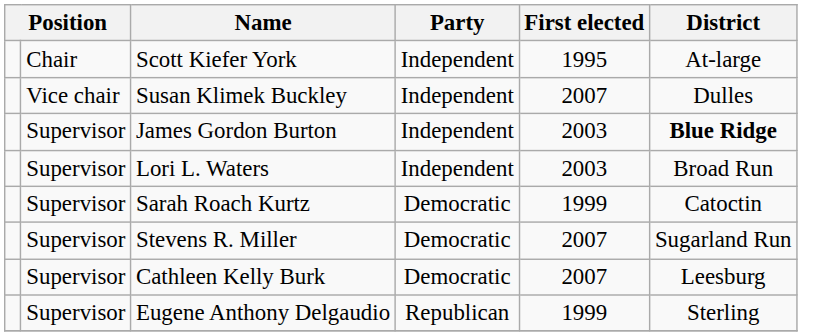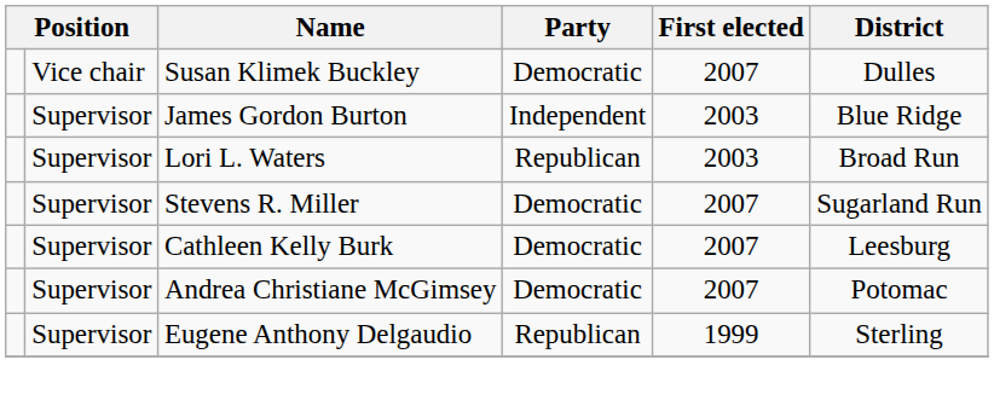 <table class="wikitable">
 <tr>
 <th colspan="2" align="center" valign="bottom">Position</th>
 <th style="text-align:center;">Name</th>
 <th valign="bottom">Party</th>
 <th valign="bottom" align="center">First elected</th>
 <th valign="bottom" align="center">District</th>
 </tr>
 <tr>
 <td style="background-color:"> </td>
-<td>Chair</td>
-<td>Scott Kiefer York</td>
-<td style="text-align:center;">Independent</td>
-<td style="text-align:center;">1995</td>
-<td style="text-align:center;">At-large</td>
-</tr>
-<tr>
-<td style="background-color:"> </td>
 <td>Vice chair</td>
 <td>Susan Klimek Buckley</td>
-<td style="text-align:center;">Independent</td>
+<td style="text-align:center;">Democratic</td>
 <td style="text-align:center;">2007</td>
 <td style="text-align:center;">Dulles</td>
 </tr>
 <tr>
 <td style="background-color:"> </td>
 <td>Supervisor</td>
 <td>James Gordon Burton</td>
 <td style="text-align:center;">Independent</td>
 <td style="text-align:center;">2003</td>
-<td style="text-align:center;"><strong>Blue Ridge</strong></td>
+<td style="text-align:center;">Blue Ridge</td>
 </tr>
 <tr>
 <td style="background-color:"> </td>
 <td>Supervisor</td>
 <td>Lori L. Waters</td>
-<td style="text-align:center;">Independent</td>
+<td style="text-align:center;">Republican</td>
 <td style="text-align:center;">2003</td>
 <td style="text-align:center;">Broad Run</td>
-</tr>
-<tr>
-<td style="background-color:"> </td>
-<td>Supervisor</td>
-<td>Sarah Roach Kurtz</td>
-<td style="text-align:center;">Democratic</td>
-<td style="text-align:center;">1999</td>
-<td style="text-align:center;">Catoctin</td>
 </tr>
 <tr>
 <td style="background-color:"> </td>
 <td>Supervisor</td>
 <td>Stevens R. Miller</td>
 <td style="text-align:center;">Democratic</td>
 <td style="text-align:center;">2007</td>
 <td style="text-align:center;">Sugarland Run</td>
 </tr>
 <tr>
 <td style="background-color:"> </td>
 <td>Supervisor</td>
 <td>Cathleen Kelly Burk</td>
 <td style="text-align:center;">Democratic</td>
 <td style="text-align:center;">2007</td>
 <td style="text-align:center;">Leesburg</td>
 </tr>
 <tr>
 <td style="background-color:"> </td>
 <td>Supervisor</td>
+<td>Andrea Christiane McGimsey</td>
+<td style="text-align:center;">Democratic</td>
+<td style="text-align:center;">2007</td>
+<td style="text-align:center;">Potomac</td>
+</tr>
+<tr>
+<td style="background-color:"> </td>
+<td>Supervisor</td>
 <td>Eugene Anthony Delgaudio</td>
 <td style="text-align:center;">Republican</td>
 <td style="text-align:center;">1999</td>
 <td style="text-align:center;">Sterling</td>
 </tr>
 <tr>
 </tr>
 </table>
